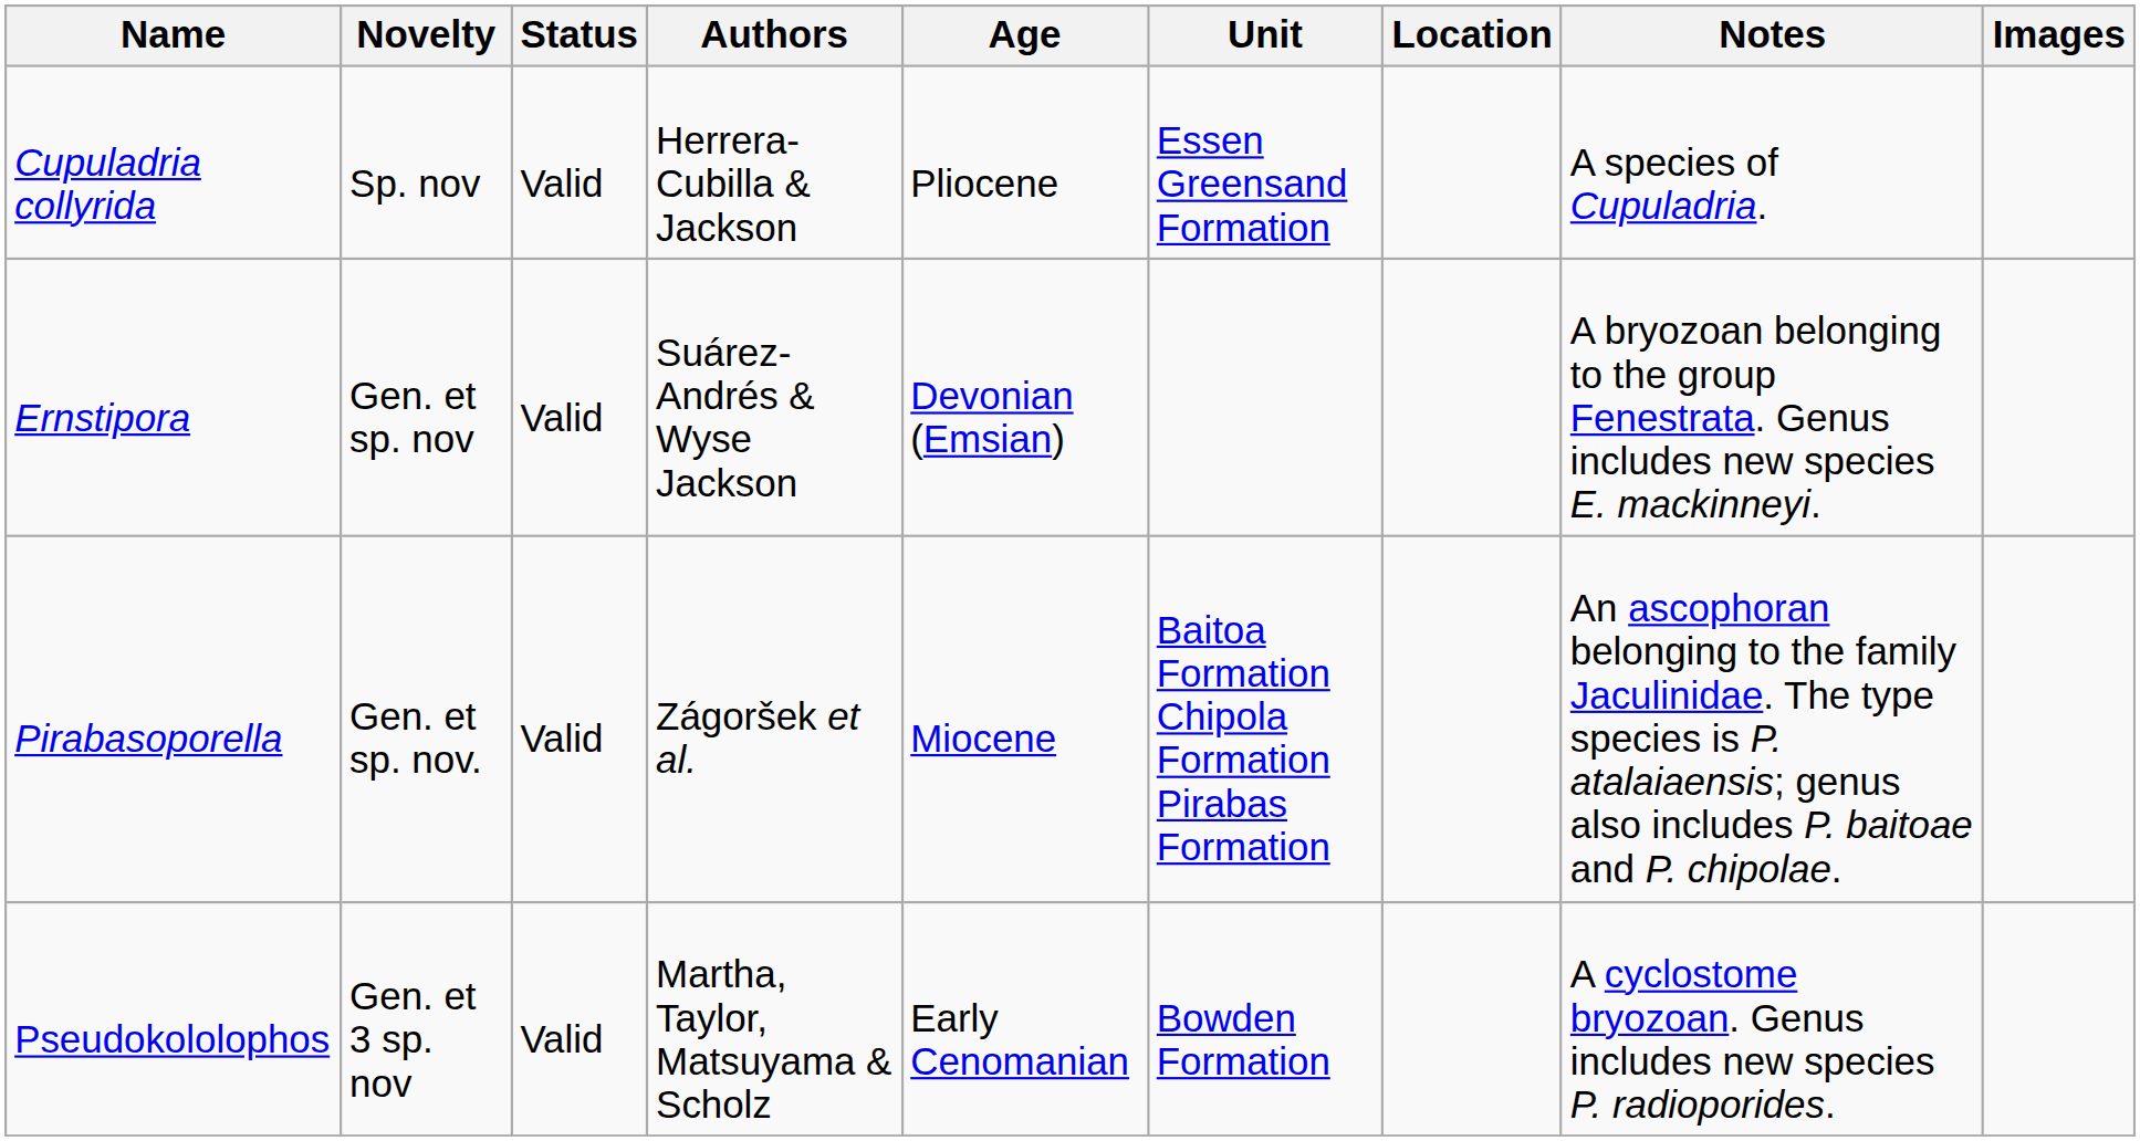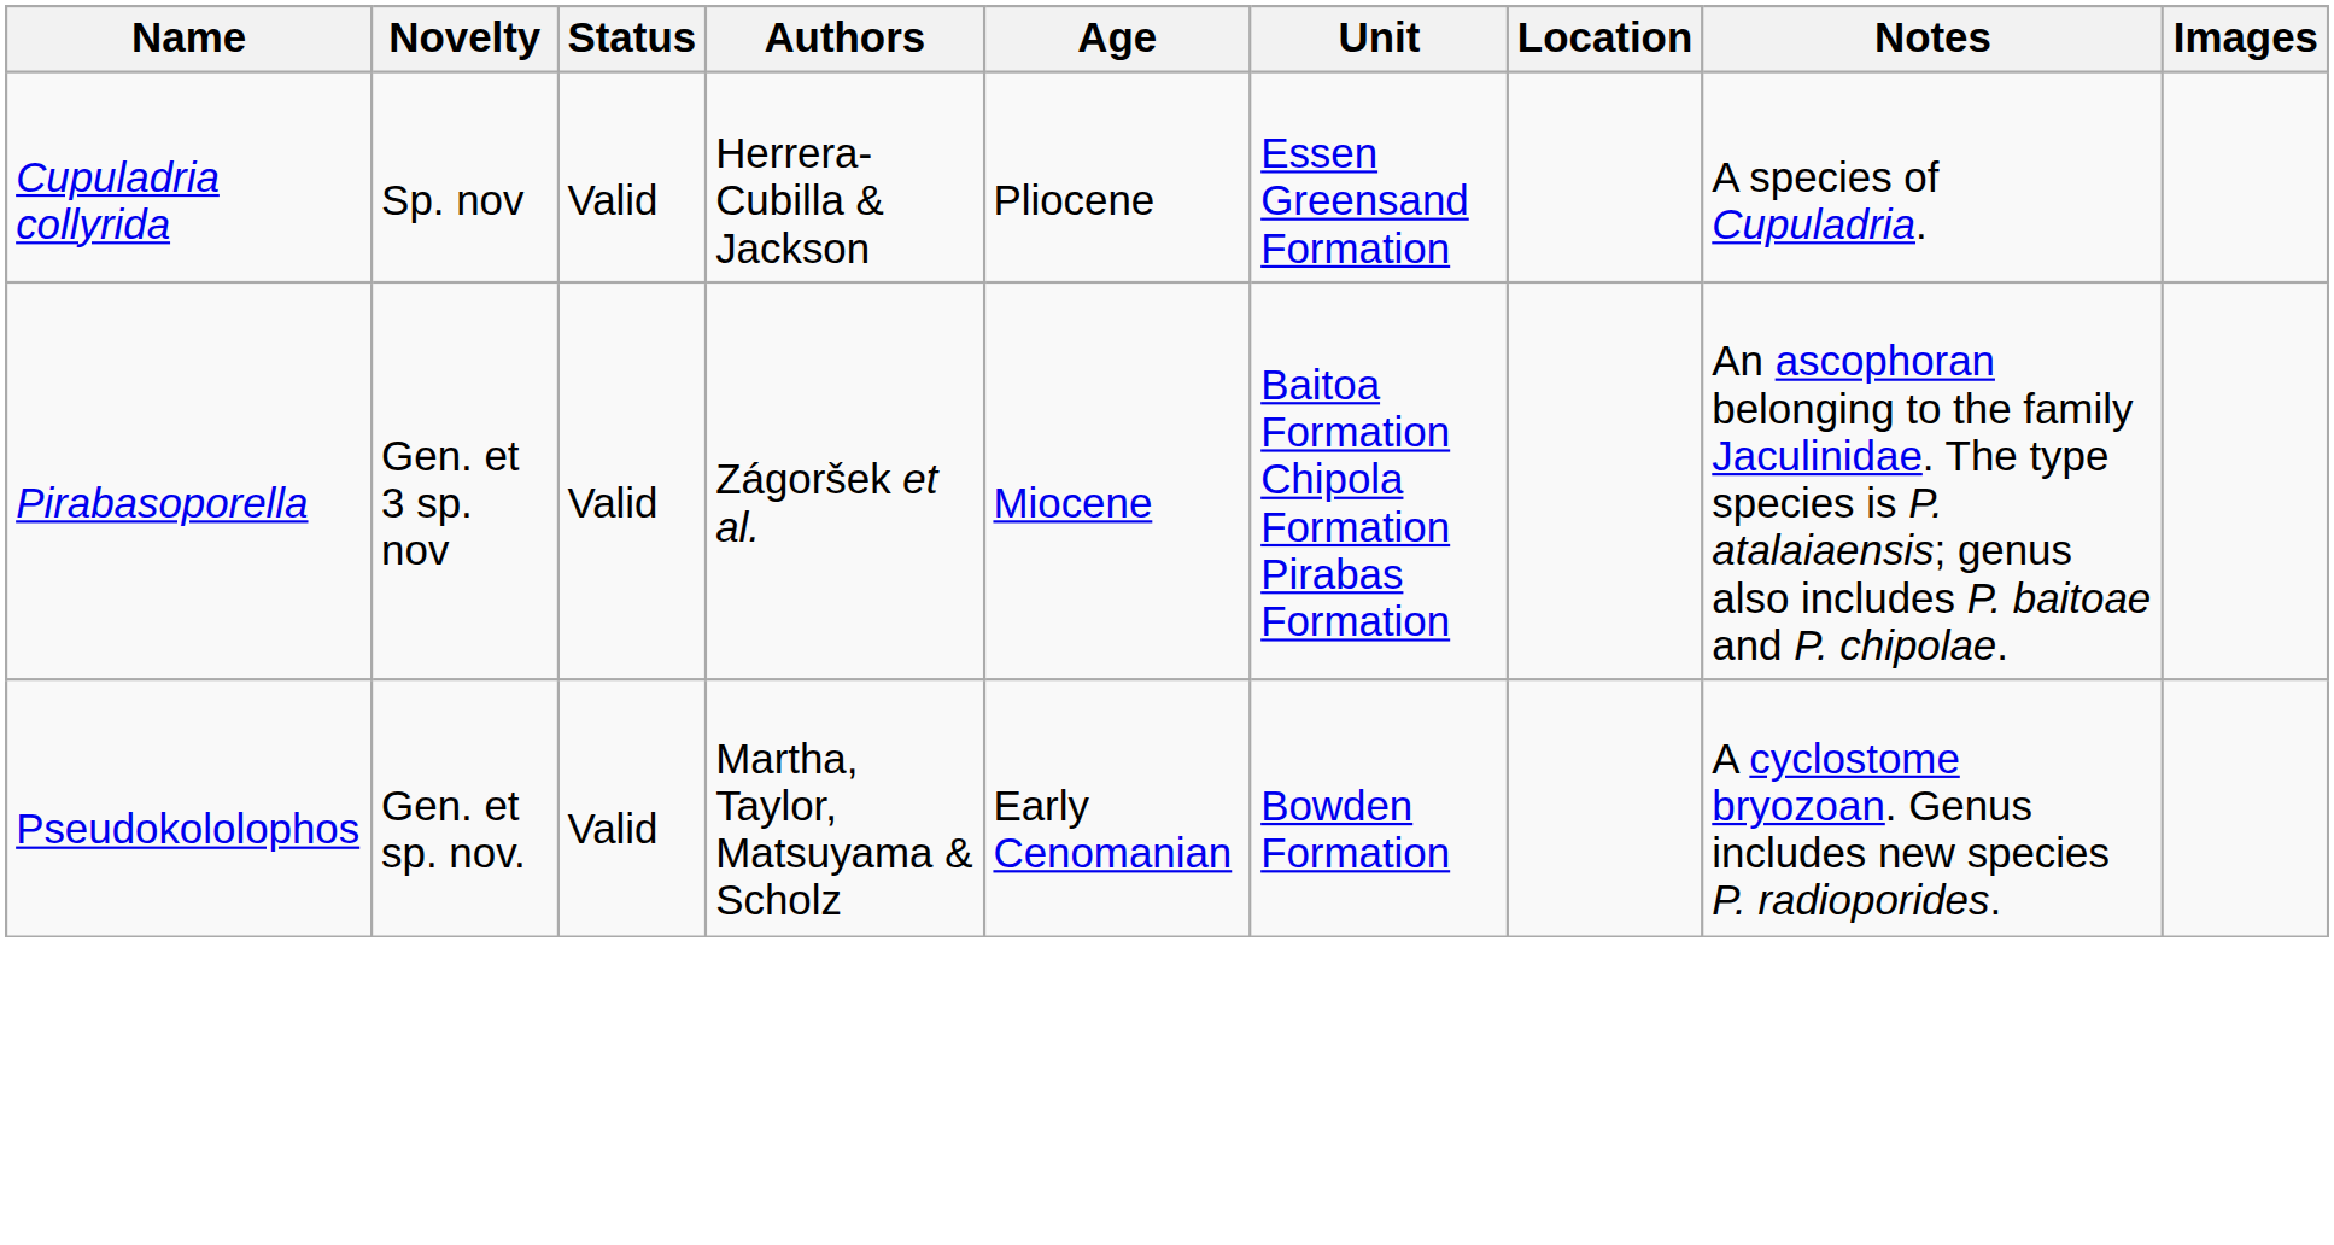 <table class="wikitable sortable" align="center" width="100%">
 <tr>
 <th>Name</th>
 <th>Novelty</th>
 <th>Status</th>
 <th>Authors</th>
 <th>Age</th>
 <th>Unit</th>
 <th>Location</th>
 <th>Notes</th>
 <th>Images</th>
 </tr>
 <tr>
 <td><br><em><a href='#'>Cupuladria collyrida</a></em></td>
 <td><br>Sp. nov</td>
 <td><br>Valid</td>
 <td><br>Herrera-Cubilla & Jackson</td>
 <td><br>Pliocene</td>
 <td><br><a href='#'>Essen Greensand Formation</a></td>
 <td><br></td>
 <td><br>A species of <em><a href='#'>Cupuladria</a></em>.</td>
 <td></td>
 </tr>
 <tr>
-<td><br><em><a href='#'>Ernstipora</a></em></td>
-<td><br>Gen. et sp. nov</td>
-<td><br>Valid</td>
-<td><br>Suárez-Andrés & Wyse Jackson</td>
-<td><br><a href='#'>Devonian</a> (<a href='#'>Emsian</a>)</td>
-<td></td>
-<td><br></td>
-<td><br>A bryozoan belonging to the group <a href='#'>Fenestrata</a>. Genus includes new species <em>E. mackinneyi</em>.</td>
-<td></td>
-</tr>
-<tr>
 <td><br><em><a href='#'>Pirabasoporella</a></em></td>
-<td><br>Gen. et sp. nov.</td>
+<td><br>Gen. et 3 sp. nov</td>
 <td><br>Valid</td>
 <td><br>Zágoršek <em>et al.</em></td>
 <td><br><a href='#'>Miocene</a></td>
 <td><br><a href='#'>Baitoa Formation</a><br> <a href='#'>Chipola Formation</a><br> <a href='#'>Pirabas Formation</a></td>
 <td><br><br> <br> </td>
 <td><br>An <a href='#'>ascophoran</a> belonging to the family <a href='#'>Jaculinidae</a>. The type species is <em>P. atalaiaensis</em>; genus also includes <em>P. baitoae</em> and <em>P. chipolae</em>.</td>
 <td></td>
 </tr>
 <tr>
 <td><br><a href='#'>Pseudokololophos</a></td>
-<td><br>Gen. et 3 sp. nov</td>
+<td><br>Gen. et sp. nov.</td>
 <td><br>Valid</td>
 <td><br>Martha, Taylor, Matsuyama & Scholz</td>
 <td><br>Early <a href='#'>Cenomanian</a></td>
 <td><br><a href='#'>Bowden Formation</a></td>
 <td><br></td>
 <td><br>A <a href='#'>cyclostome</a> <a href='#'>bryozoan</a>. Genus includes new species <em>P. radioporides</em>.</td>
 <td></td>
 </tr>
 <tr>
 </tr>
 </table>
